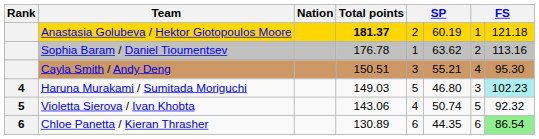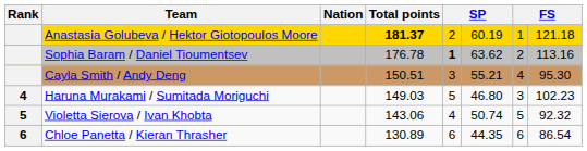 <table class="wikitable sortable" style="text-align:left">
 <tr>
 <th scope="col">Rank</th>
 <th scope="col">Team</th>
 <th scope="col">Nation</th>
 <th scope="col">Total points</th>
 <th colspan="2" scope="col" width="80px"><a href='#'>SP</a></th>
 <th colspan="2" scope="col" width="80px"><a href='#'>FS</a></th>
 </tr>
 <tr bgcolor="gold">
 <th scope="row"></th>
 <td><a href='#'>Anastasia Golubeva</a> / <a href='#'>Hektor Giotopoulos Moore</a></td>
 <td></td>
 <td align="center"><strong>181.37</strong></td>
 <td align="center">2</td>
 <td align="center">60.19</td>
 <td align="center">1</td>
 <td align="center">121.18</td>
 </tr>
 <tr bgcolor="silver">
 <th scope="row"></th>
 <td><a href='#'>Sophia Baram</a> / <a href='#'>Daniel Tioumentsev</a></td>
 <td></td>
 <td align="center">176.78</td>
-<td align="center">1</td>
+<td align="center"><strong>1</strong></td>
 <td align="center">63.62</td>
 <td align="center">2</td>
 <td align="center">113.16</td>
 </tr>
 <tr bgcolor="cc9966">
 <th scope="row"></th>
 <td><a href='#'>Cayla Smith</a> / <a href='#'>Andy Deng</a></td>
 <td></td>
 <td align="center">150.51</td>
 <td align="center">3</td>
 <td align="center">55.21</td>
 <td align="center">4</td>
 <td align="center">95.30</td>
 </tr>
 <tr>
 <th scope="row">4</th>
 <td><a href='#'>Haruna Murakami</a> / <a href='#'>Sumitada Moriguchi</a></td>
 <td></td>
 <td align="center">149.03</td>
 <td align="center">5</td>
 <td align="center">46.80</td>
 <td align="center">3</td>
-<td align="center" style="background: paleturquoise;">102.23</td>
+<td align="center">102.23</td>
 </tr>
 <tr>
 <th scope="row">5</th>
 <td><a href='#'>Violetta Sierova</a> / <a href='#'>Ivan Khobta</a></td>
 <td></td>
 <td align="center">143.06</td>
 <td align="center">4</td>
 <td align="center">50.74</td>
 <td align="center">5</td>
 <td align="center">92.32</td>
 </tr>
 <tr>
 <th scope="row">6</th>
 <td><a href='#'>Chloe Panetta</a> / <a href='#'>Kieran Thrasher</a></td>
 <td></td>
 <td align="center">130.89</td>
 <td align="center">6</td>
 <td align="center">44.35</td>
 <td align="center">6</td>
-<td align="center" style="background: lightgreen;">86.54</td>
+<td align="center">86.54</td>
 </tr>
 </table>
